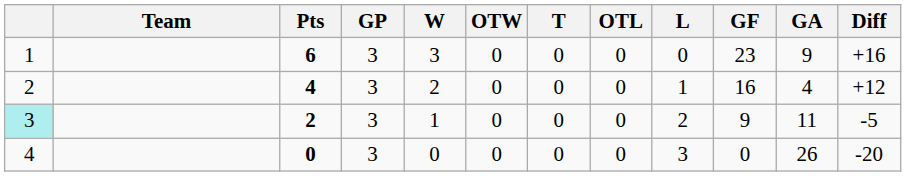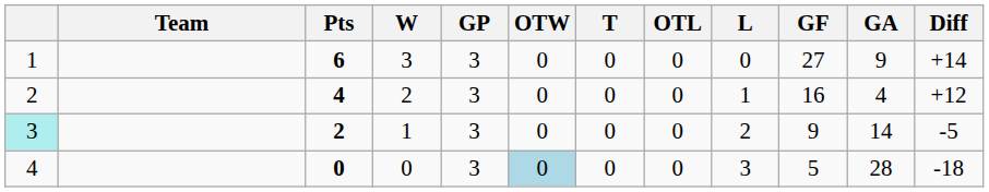 <table class="wikitable" style="text-align:center;">
 <tr>
 <th width=30></th>
 <th width=165>Team</th>
 <th width=40>Pts</th>
+<th width=40>W</th>
 <th width=40>GP</th>
-<th width=40>W</th>
 <th width=40>OTW</th>
 <th width=40>T</th>
 <th width=40>OTL</th>
 <th width=40>L</th>
 <th width=40>GF</th>
 <th width=40>GA</th>
 <th width=40>Diff</th>
 </tr>
 <tr>
 <td>1</td>
 <td style="text-align:left;"></td>
 <td><strong>6</strong></td>
 <td>3</td>
 <td>3</td>
 <td>0</td>
 <td>0</td>
 <td>0</td>
 <td>0</td>
-<td>23</td>
+<td>27</td>
 <td>9</td>
-<td>+16</td>
+<td>+14</td>
 </tr>
 <tr>
 <td>2</td>
 <td style="text-align:left;"></td>
 <td><strong>4</strong></td>
+<td>2</td>
 <td>3</td>
-<td>2</td>
 <td>0</td>
 <td>0</td>
 <td>0</td>
 <td>1</td>
 <td>16</td>
 <td>4</td>
 <td>+12</td>
 </tr>
 <tr>
 <td style="background: paleturquoise;">3</td>
 <td style="text-align:left;"></td>
 <td><strong>2</strong></td>
+<td>1</td>
 <td>3</td>
-<td>1</td>
 <td>0</td>
 <td>0</td>
 <td>0</td>
 <td>2</td>
 <td>9</td>
-<td>11</td>
+<td>14</td>
 <td>-5</td>
 </tr>
 <tr>
 <td>4</td>
 <td style="text-align:left;"></td>
 <td><strong>0</strong></td>
+<td>0</td>
 <td>3</td>
-<td>0</td>
-<td>0</td>
+<td style="background: lightblue;">0</td>
 <td>0</td>
 <td>0</td>
 <td>3</td>
-<td>0</td>
-<td>26</td>
-<td>-20</td>
+<td>5</td>
+<td>28</td>
+<td>-18</td>
 </tr>
 </table>
